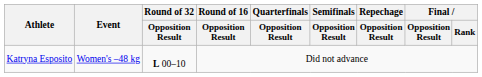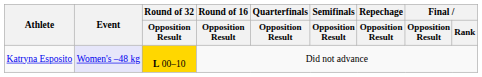 <table class="wikitable" style="font-size:90%">
 <tr>
 <th rowspan="2">Athlete</th>
 <th rowspan="2">Event</th>
 <th>Round of 32</th>
 <th>Round of 16</th>
 <th>Quarterfinals</th>
 <th>Semifinals</th>
 <th>Repechage</th>
 <th colspan=2>Final / </th>
 </tr>
 <tr style="font-size:95%">
 <th>Opposition<br>Result</th>
 <th>Opposition<br>Result</th>
 <th>Opposition<br>Result</th>
 <th>Opposition<br>Result</th>
 <th>Opposition<br>Result</th>
 <th>Opposition<br>Result</th>
 <th>Rank</th>
 </tr>
 <tr align=center>
 <td align=left><a href='#'>Katryna Esposito</a></td>
-<td align=left><a href='#'>Women's –48 kg</a></td>
-<td><br><strong>L</strong> 00–10</td>
+<td align=left style="background: lavender;"><a href='#'>Women's –48 kg</a></td>
+<td style="background: gold;"><br><strong>L</strong> 00–10</td>
 <td colspan=6>Did not advance</td>
 </tr>
 </table>
